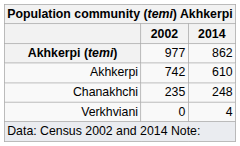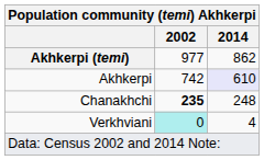 <table class="wikitable" style="text-align:right">
 <tr>
 <th colspan=19>Population community (<em>temi</em>) Akhkerpi</th>
 </tr>
 <tr>
 <th></th>
 <th>2002</th>
 <th>2014</th>
 </tr>
 <tr>
 <th>Akhkerpi (<em>temi</em>)</th>
 <td>977</td>
 <td> 862</td>
 </tr>
 <tr>
 <td>Akhkerpi</td>
 <td>742</td>
-<td> 610</td>
+<td style="background: lavender;"> 610</td>
 </tr>
 <tr>
 <td>Chanakhchi</td>
-<td>235</td>
+<td><strong>235</strong></td>
 <td> 248</td>
 </tr>
 <tr>
 <td>Verkhviani</td>
-<td>0</td>
+<td style="background: paleturquoise;">0</td>
 <td> 4</td>
 </tr>
 <tr>
 <td colspan=15 class="wikitable" style="align:left;text-align:left;background-color:#eaecf0">Data: Census 2002 and 2014  Note:</td>
 </tr>
 </table>
